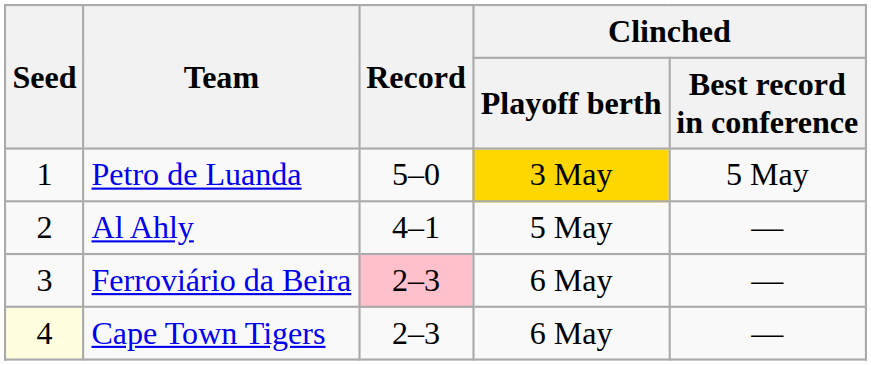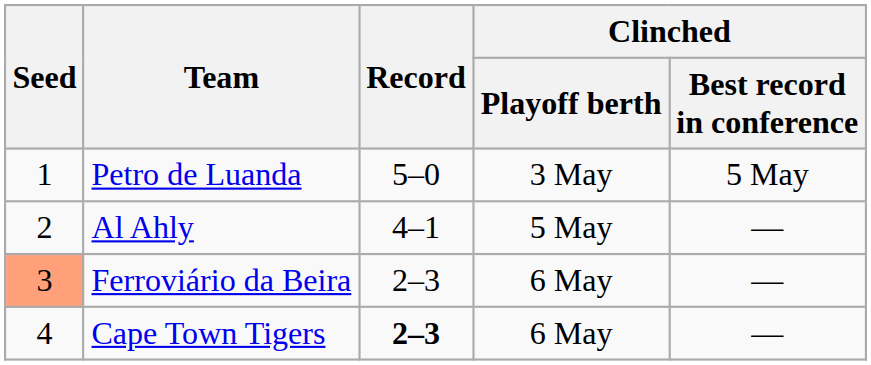 <table class="wikitable" style="font-size:95%; text-align:center">
 <tr>
 <th rowspan="2">Seed</th>
 <th rowspan="2">Team</th>
 <th rowspan="2">Record</th>
 <th colspan="2">Clinched</th>
 </tr>
 <tr>
 <th>Playoff berth</th>
 <th>Best record<br>in conference</th>
 </tr>
 <tr>
 <td>1</td>
 <td align="left"> <a href='#'>Petro de Luanda</a></td>
 <td>5–0</td>
-<td style="background: gold;">3 May</td>
+<td>3 May</td>
 <td>5 May</td>
 </tr>
 <tr>
 <td>2</td>
 <td align="left"> <a href='#'>Al Ahly</a></td>
 <td>4–1</td>
 <td>5 May</td>
 <td>—</td>
 </tr>
 <tr>
-<td>3</td>
+<td style="background: lightsalmon;">3</td>
 <td align="left"> <a href='#'>Ferroviário da Beira</a></td>
-<td style="background: pink;">2–3</td>
+<td>2–3</td>
 <td>6 May</td>
 <td>—</td>
 </tr>
 <tr>
-<td style="background: lightyellow;">4</td>
+<td>4</td>
 <td align="left"> <a href='#'>Cape Town Tigers</a></td>
-<td>2–3</td>
+<td><strong>2–3</strong></td>
 <td>6 May</td>
 <td>—</td>
 </tr>
 </table>
